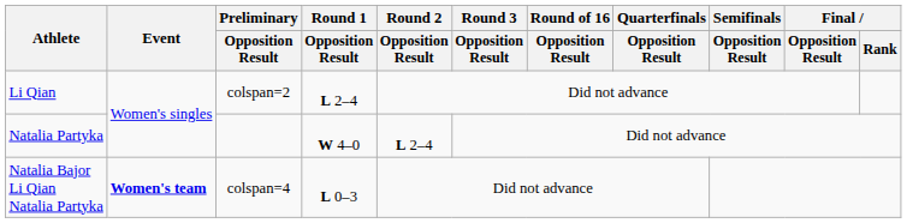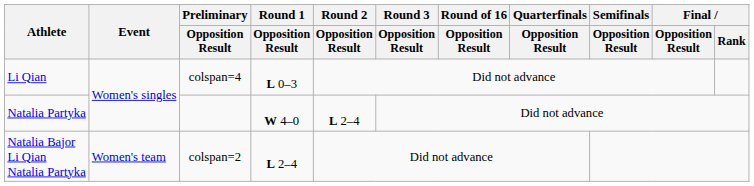 <table class="wikitable" style="text-align:center; font-size:90%">
 <tr>
 <th rowspan=2>Athlete</th>
 <th rowspan=2>Event</th>
 <th>Preliminary</th>
 <th>Round 1</th>
 <th>Round 2</th>
 <th>Round 3</th>
 <th>Round of 16</th>
 <th>Quarterfinals</th>
 <th>Semifinals</th>
 <th colspan=2>Final / </th>
 </tr>
 <tr style="font-size:95%">
 <th>Opposition<br>Result</th>
 <th>Opposition<br>Result</th>
 <th>Opposition<br>Result</th>
 <th>Opposition<br>Result</th>
 <th>Opposition<br>Result</th>
 <th>Opposition<br>Result</th>
 <th>Opposition<br>Result</th>
 <th>Opposition<br>Result</th>
 <th>Rank</th>
 </tr>
 <tr>
 <td align=left><a href='#'>Li Qian</a></td>
 <td align=left rowspan=2><a href='#'>Women's singles</a></td>
-<td>colspan=2 </td>
-<td><br><strong>L</strong> 2–4</td>
+<td>colspan=4 </td>
+<td><br><strong>L</strong> 0–3</td>
 <td colspan=6>Did not advance</td>
 </tr>
 <tr>
 <td align=left><a href='#'>Natalia Partyka</a></td>
 <td></td>
 <td><br><strong>W</strong> 4–0</td>
 <td><br><strong>L</strong> 2–4</td>
 <td colspan=6>Did not advance</td>
 </tr>
 <tr>
 <td align=left><a href='#'>Natalia Bajor</a><br><a href='#'>Li Qian</a><br><a href='#'>Natalia Partyka</a></td>
-<td align=left><strong><a href='#'>Women's team</a></strong></td>
-<td>colspan=4 </td>
-<td><br><strong>L</strong> 0–3</td>
+<td align=left><a href='#'>Women's team</a></td>
+<td>colspan=2 </td>
+<td><br><strong>L</strong> 2–4</td>
 <td colspan=4>Did not advance</td>
 </tr>
 </table>
